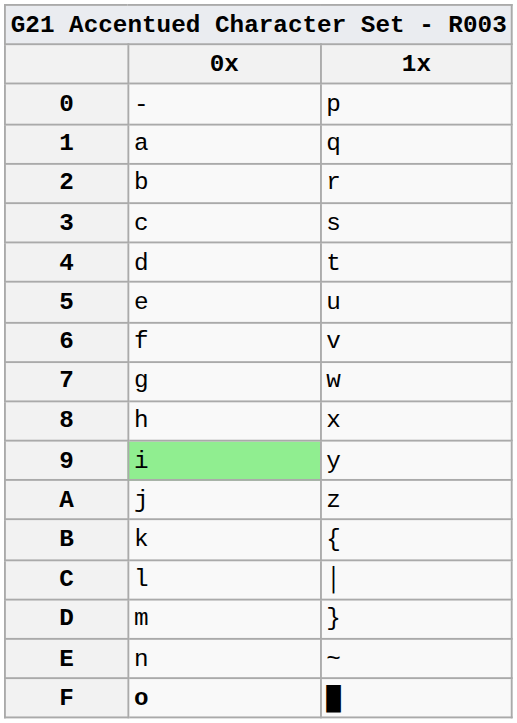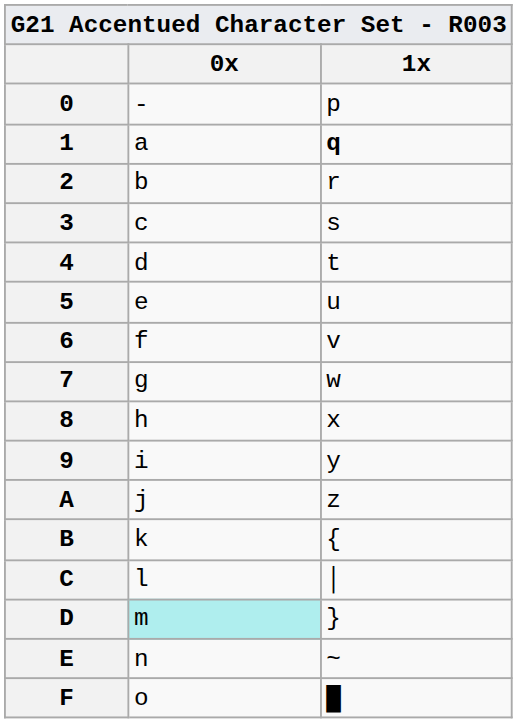 <table class="wikitable">
 <tr>
 <th colspan="3" style="background-color:#EAECF0;">G21 Accentued Character Set - R003</th>
 </tr>
 <tr>
 <th></th>
 <th>0x</th>
 <th>1x</th>
 </tr>
 <tr>
 <th>0</th>
 <td>-</td>
 <td>p</td>
 </tr>
 <tr>
 <th>1</th>
 <td>a</td>
-<td>q</td>
+<td><strong>q</strong></td>
 </tr>
 <tr>
 <th>2</th>
 <td>b</td>
 <td>r</td>
 </tr>
 <tr>
 <th>3</th>
 <td>c</td>
 <td>s</td>
 </tr>
 <tr>
 <th>4</th>
 <td>d</td>
 <td>t</td>
 </tr>
 <tr>
 <th>5</th>
 <td>e</td>
 <td>u</td>
 </tr>
 <tr>
 <th>6</th>
 <td>f</td>
 <td>v</td>
 </tr>
 <tr>
 <th>7</th>
 <td>g</td>
 <td>w</td>
 </tr>
 <tr>
 <th>8</th>
 <td>h</td>
 <td>x</td>
 </tr>
 <tr>
 <th>9</th>
-<td style="background: lightgreen;">i</td>
+<td>i</td>
 <td>y</td>
 </tr>
 <tr>
 <th>A</th>
 <td>j</td>
 <td>z</td>
 </tr>
 <tr>
 <th>B</th>
 <td>k</td>
 <td>{</td>
 </tr>
 <tr>
 <th>C</th>
 <td>l</td>
 <td>│</td>
 </tr>
 <tr>
 <th>D</th>
-<td>m</td>
+<td style="background: paleturquoise;">m</td>
 <td>}</td>
 </tr>
 <tr>
 <th>E</th>
 <td>n</td>
 <td>~</td>
 </tr>
 <tr>
 <th>F</th>
-<td><strong>o</strong></td>
+<td>o</td>
 <td>█</td>
 </tr>
 </table>
